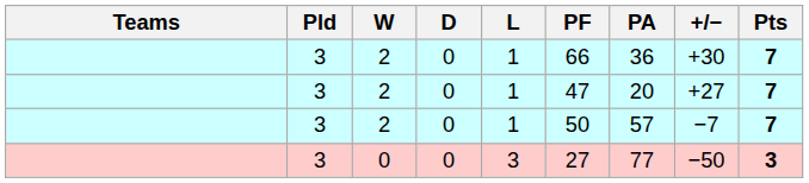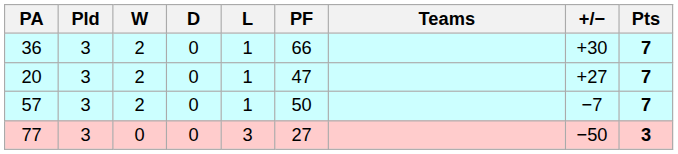 <table class="wikitable" style="text-align: center;">
 <tr>
-<th width="200">Teams</th>
+<th width="40">PA</th>
 <th width="40">Pld</th>
 <th width="40">W</th>
 <th width="40">D</th>
 <th width="40">L</th>
 <th width="40">PF</th>
-<th width="40">PA</th>
+<th width="200">Teams</th>
 <th width="40">+/−</th>
 <th width="40">Pts</th>
 </tr>
 <tr bgcolor=ccffff>
-<td align=left></td>
+<td>36</td>
 <td>3</td>
 <td>2</td>
 <td>0</td>
 <td>1</td>
 <td>66</td>
-<td>36</td>
+<td align=left></td>
 <td>+30</td>
 <td><strong>7</strong></td>
 </tr>
 <tr bgcolor=ccffff>
-<td align=left></td>
+<td>20</td>
 <td>3</td>
 <td>2</td>
 <td>0</td>
 <td>1</td>
 <td>47</td>
-<td>20</td>
+<td align=left></td>
 <td>+27</td>
 <td><strong>7</strong></td>
 </tr>
 <tr bgcolor=ccffff>
-<td align=left></td>
+<td>57</td>
 <td>3</td>
 <td>2</td>
 <td>0</td>
 <td>1</td>
 <td>50</td>
-<td>57</td>
+<td align=left></td>
 <td>−7</td>
 <td><strong>7</strong></td>
 </tr>
 <tr bgcolor=ffcccc>
-<td align=left></td>
+<td>77</td>
 <td>3</td>
 <td>0</td>
 <td>0</td>
 <td>3</td>
 <td>27</td>
-<td>77</td>
+<td align=left></td>
 <td>−50</td>
 <td><strong>3</strong></td>
 </tr>
 </table>
